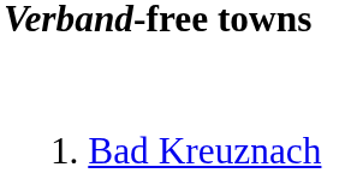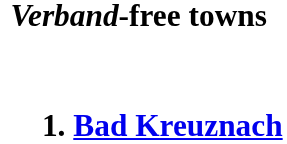 <table>
 <tr ---->
 <th><em>Verband</em>-free towns</th>
 </tr>
 <tr>
-<td><br><ol><li><a href='#'>Bad Kreuznach</a></li></ol></td>
+<td><strong><br><ol><li><a href='#'>Bad Kreuznach</a></li></ol></strong></td>
 </tr>
 </table>
